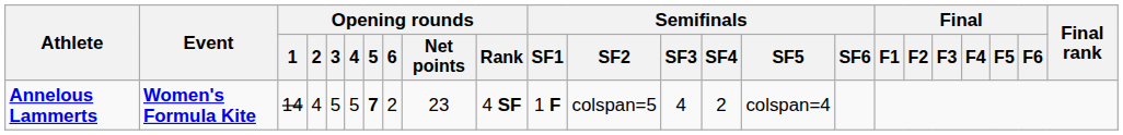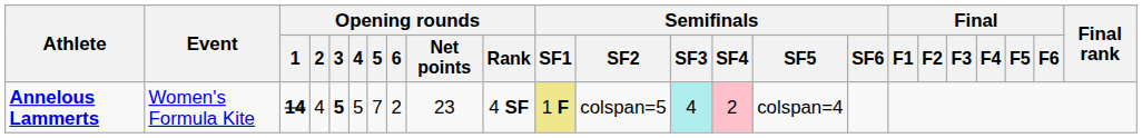 <table class="wikitable" style="font-size:90%">
 <tr>
 <th rowspan="2">Athlete</th>
 <th rowspan="2">Event</th>
 <th colspan=8>Opening rounds</th>
 <th colspan=6>Semifinals</th>
 <th colspan=6>Final</th>
 <th rowspan=2>Final rank</th>
 </tr>
 <tr style="font-size:95%">
 <th>1</th>
 <th>2</th>
 <th>3</th>
 <th>4</th>
 <th>5</th>
 <th>6</th>
 <th>Net points</th>
 <th>Rank</th>
 <th>SF1</th>
 <th>SF2</th>
 <th>SF3</th>
 <th>SF4</th>
 <th>SF5</th>
 <th>SF6</th>
 <th>F1</th>
 <th>F2</th>
 <th>F3</th>
 <th>F4</th>
 <th>F5</th>
 <th>F6</th>
 </tr>
 <tr align=center>
 <td align=left><strong><a href='#'>Annelous Lammerts</a></strong></td>
-<td align=left><strong><a href='#'>Women's Formula Kite</a></strong></td>
-<td><s>14</s></td>
+<td align=left><a href='#'>Women's Formula Kite</a></td>
+<td><strong><s>14</s></strong></td>
 <td>4</td>
+<td><strong>5</strong></td>
 <td>5</td>
-<td>5</td>
-<td><strong>7</strong></td>
+<td>7</td>
 <td>2</td>
 <td>23</td>
 <td>4 <strong>SF</strong></td>
-<td>1 <strong>F</strong></td>
+<td style="background: khaki;">1 <strong>F</strong></td>
 <td>colspan=5 </td>
-<td>4</td>
-<td>2</td>
+<td style="background: paleturquoise;">4</td>
+<td style="background: pink;">2</td>
 <td>colspan=4 </td>
 <td></td>
 </tr>
 </table>
